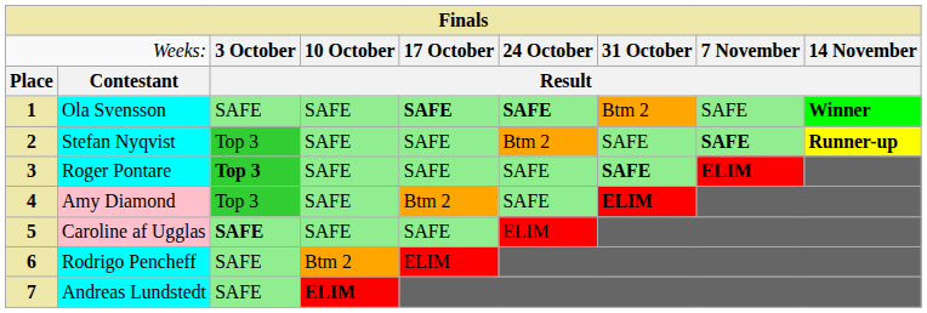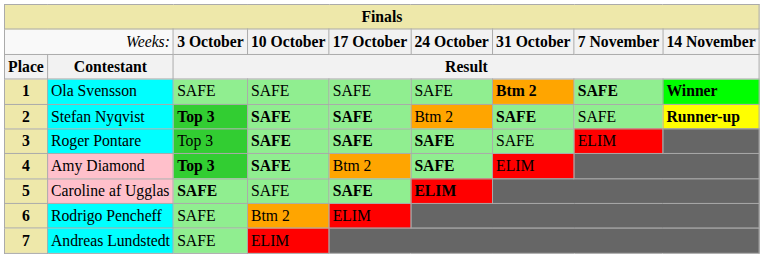 <table class="wikitable" align="center">
 <tr>
 <td colspan="10" bgcolor="palegoldenrod" align="Center"><strong>Finals</strong></td>
 </tr>
 <tr>
 <td colspan="2" align="right"><em>Weeks:</em></td>
 <th>3 October</th>
 <th>10 October</th>
 <th>17 October</th>
 <th>24 October</th>
 <th>31 October</th>
 <th>7 November</th>
 <th>14 November</th>
 </tr>
 <tr>
 <th>Place</th>
 <th>Contestant</th>
 <th colspan="15" align="center">Result</th>
 </tr>
 <tr>
 <td align="center" bgcolor="palegoldenrod"><strong>1</strong></td>
 <td bgcolor="Cyan">Ola Svensson</td>
 <td style="background: lightgreen">SAFE</td>
 <td style="background: lightgreen">SAFE</td>
+<td style="background: lightgreen">SAFE</td>
+<td style="background: lightgreen">SAFE</td>
+<td style="background: orange"><strong>Btm 2</strong></td>
 <td style="background: lightgreen"><strong>SAFE</strong></td>
-<td style="background: lightgreen"><strong>SAFE</strong></td>
-<td style="background: orange">Btm 2</td>
-<td style="background: lightgreen">SAFE</td>
 <td style="background: Lime"><strong>Winner</strong></td>
 </tr>
 <tr>
 <td align="center" bgcolor="palegoldenrod"><strong>2</strong></td>
 <td bgcolor="cyan">Stefan Nyqvist</td>
-<td style="background: limegreen">Top 3</td>
+<td style="background: limegreen"><strong>Top 3</strong></td>
+<td style="background: lightgreen"><strong>SAFE</strong></td>
+<td style="background: lightgreen"><strong>SAFE</strong></td>
+<td style="background: orange">Btm 2</td>
+<td style="background: lightgreen"><strong>SAFE</strong></td>
 <td style="background: lightgreen">SAFE</td>
-<td style="background: lightgreen">SAFE</td>
-<td style="background: orange">Btm 2</td>
-<td style="background: lightgreen">SAFE</td>
-<td style="background: lightgreen"><strong>SAFE</strong></td>
 <td style="background: yellow"><strong>Runner-up</strong></td>
 </tr>
 <tr>
 <td align="center" bgcolor="palegoldenrod"><strong>3</strong></td>
 <td bgcolor="cyan">Roger Pontare</td>
-<td style="background: limegreen"><strong>Top 3</strong></td>
+<td style="background: limegreen">Top 3</td>
+<td style="background: lightgreen"><strong>SAFE</strong></td>
+<td style="background: lightgreen"><strong>SAFE</strong></td>
+<td style="background: lightgreen"><strong>SAFE</strong></td>
 <td style="background: lightgreen">SAFE</td>
-<td style="background: lightgreen">SAFE</td>
-<td style="background: lightgreen">SAFE</td>
-<td style="background: lightgreen"><strong>SAFE</strong></td>
-<td style="background: red"><strong><span>ELIM</span></strong></td>
+<td style="background: red"><span>ELIM</span></td>
 <td colspan="1" bgcolor="666666"></td>
 </tr>
 <tr>
 <td align="center" bgcolor="palegoldenrod"><strong>4</strong></td>
 <td bgcolor="Pink">Amy Diamond</td>
-<td style="background: limegreen">Top 3</td>
-<td style="background: lightgreen">SAFE</td>
+<td style="background: limegreen"><strong>Top 3</strong></td>
+<td style="background: lightgreen"><strong>SAFE</strong></td>
 <td style="background: Orange">Btm 2</td>
-<td style="background: lightgreen">SAFE</td>
-<td style="background: red"><strong><span>ELIM</span></strong></td>
+<td style="background: lightgreen"><strong>SAFE</strong></td>
+<td style="background: red"><span>ELIM</span></td>
 <td colspan="2" bgcolor="666666"></td>
 </tr>
 <tr>
 <td align="center" bgcolor="palegoldenrod"><strong>5</strong></td>
 <td bgcolor="pink">Caroline af Ugglas</td>
 <td style="background: lightgreen"><strong>SAFE</strong></td>
 <td style="background: lightgreen">SAFE</td>
-<td style="background: lightgreen">SAFE</td>
-<td style="background: red"><span>ELIM</span></td>
+<td style="background: lightgreen"><strong>SAFE</strong></td>
+<td style="background: red"><strong><span>ELIM</span></strong></td>
 <td colspan="3" bgcolor="666666"></td>
 </tr>
 <tr>
 <td align="center" bgcolor="palegoldenrod"><strong>6</strong></td>
 <td bgcolor="cyan">Rodrigo Pencheff</td>
 <td style="background: lightgreen">SAFE</td>
 <td style="background: orange">Btm 2</td>
 <td style="background: red"><span>ELIM</span></td>
 <td colspan="4" bgcolor="666666"></td>
 </tr>
 <tr>
 <td align="center" bgcolor="palegoldenrod"><strong>7</strong></td>
 <td bgcolor="cyan">Andreas Lundstedt</td>
 <td style="background: lightgreen">SAFE</td>
-<td style="background: red"><strong><span>ELIM</span></strong></td>
+<td style="background: red"><span>ELIM</span></td>
 <td colspan="5" bgcolor="666666"></td>
 </tr>
 </table>
